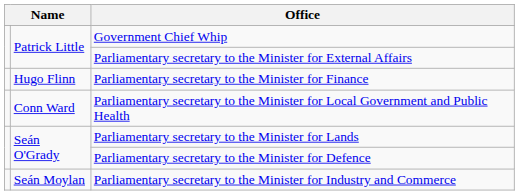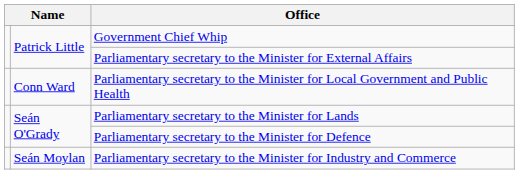 <table class="wikitable">
 <tr>
 <th colspan="2">Name</th>
 <th>Office</th>
 </tr>
 <tr>
 <td rowspan="2" style="background-color: "></td>
 <td rowspan="2"><a href='#'>Patrick Little</a></td>
 <td><a href='#'>Government Chief Whip</a></td>
 </tr>
 <tr>
 <td><a href='#'>Parliamentary secretary to the Minister for External Affairs</a></td>
-</tr>
-<tr>
-<td style="background-color: "></td>
-<td><a href='#'>Hugo Flinn</a></td>
-<td><a href='#'>Parliamentary secretary to the Minister for Finance</a></td>
 </tr>
 <tr>
 <td style="background-color: "></td>
 <td><a href='#'>Conn Ward</a></td>
 <td><a href='#'>Parliamentary secretary to the Minister for Local Government and Public Health</a></td>
 </tr>
 <tr>
 <td rowspan="2" style="background-color: "></td>
 <td rowspan="2"><a href='#'>Seán O'Grady</a></td>
 <td><a href='#'>Parliamentary secretary to the Minister for Lands</a></td>
 </tr>
 <tr>
 <td><a href='#'>Parliamentary secretary to the Minister for Defence</a></td>
 </tr>
 <tr>
 <td style="background-color: "></td>
 <td><a href='#'>Seán Moylan</a></td>
 <td><a href='#'>Parliamentary secretary to the Minister for Industry and Commerce</a></td>
 </tr>
 </table>
